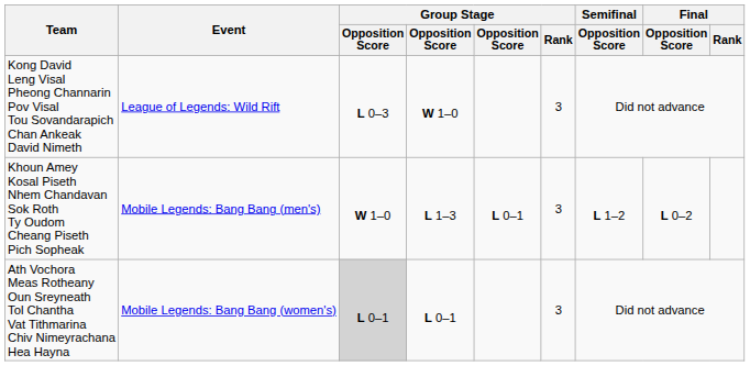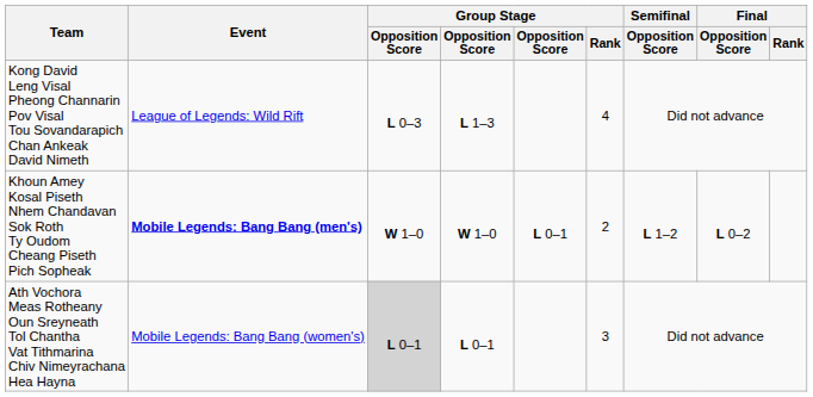 <table class="wikitable" style="font-size:90%">
 <tr>
 <th rowspan=2>Team</th>
 <th rowspan=2>Event</th>
 <th colspan=4>Group Stage</th>
 <th>Semifinal</th>
 <th colspan=2>Final</th>
 </tr>
 <tr style="font-size:95%">
 <th>Opposition<br>Score</th>
 <th>Opposition<br>Score</th>
 <th>Opposition<br>Score</th>
 <th>Rank</th>
 <th>Opposition<br>Score</th>
 <th>Opposition<br>Score</th>
 <th>Rank</th>
 </tr>
 <tr align=center>
 <td align=left>Kong David<br>Leng Visal<br>Pheong Channarin<br>Pov Visal<br>Tou Sovandarapich<br>Chan Ankeak<br>David Nimeth</td>
 <td align=left><a href='#'>League of Legends: Wild Rift</a></td>
 <td><br><strong>L</strong> 0–3</td>
-<td><br><strong>W</strong> 1–0</td>
+<td><br><strong>L</strong> 1–3</td>
 <td></td>
-<td>3</td>
+<td>4</td>
 <td colspan=3>Did not advance</td>
 </tr>
 <tr align=center>
 <td align=left>Khoun Amey<br>Kosal Piseth<br>Nhem Chandavan<br>Sok Roth<br>Ty Oudom<br>Cheang Piseth<br>Pich Sopheak</td>
-<td align=left><a href='#'>Mobile Legends: Bang Bang (men's)</a></td>
+<td align=left><strong><a href='#'>Mobile Legends: Bang Bang (men's)</a></strong></td>
 <td><br><strong>W</strong> 1–0</td>
-<td><br><strong>L</strong> 1–3</td>
+<td><br><strong>W</strong> 1–0</td>
 <td><br><strong>L</strong> 0–1</td>
-<td>3</td>
+<td>2</td>
 <td><br><strong>L</strong> 1–2</td>
 <td><br><strong>L</strong> 0–2</td>
 <td></td>
 </tr>
 <tr align=center>
 <td align=left>Ath Vochora<br>Meas Rotheany<br>Oun Sreyneath<br>Tol Chantha<br>Vat Tithmarina<br>Chiv Nimeyrachana<br>Hea Hayna</td>
 <td align=left><a href='#'>Mobile Legends: Bang Bang (women's)</a></td>
 <td style="background: lightgrey;"><br><strong>L</strong> 0–1</td>
 <td><br><strong>L</strong> 0–1</td>
 <td></td>
 <td>3</td>
 <td colspan=3>Did not advance</td>
 </tr>
 </table>
